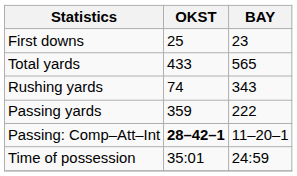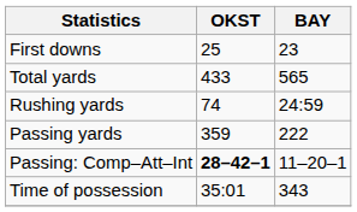 <table class="wikitable" style="float: left;">
 <tr>
 <th>Statistics</th>
 <th>OKST</th>
 <th>BAY</th>
 </tr>
 <tr>
 <td>First downs</td>
 <td>25</td>
 <td>23</td>
 </tr>
 <tr>
 <td>Total yards</td>
 <td>433</td>
 <td>565</td>
 </tr>
 <tr>
 <td>Rushing yards</td>
 <td>74</td>
-<td>343</td>
+<td>24:59</td>
 </tr>
 <tr>
 <td>Passing yards</td>
 <td>359</td>
 <td>222</td>
 </tr>
 <tr>
 <td>Passing: Comp–Att–Int</td>
 <td><strong>28–42–1</strong></td>
 <td>11–20–1</td>
 </tr>
 <tr>
 <td>Time of possession</td>
 <td>35:01</td>
-<td>24:59</td>
+<td>343</td>
 </tr>
 <tr>
 </tr>
 </table>
